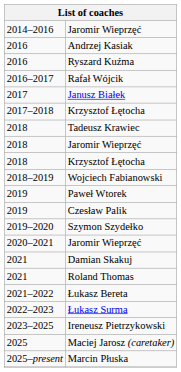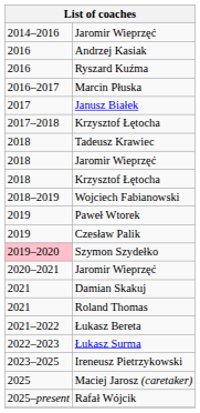 <table class="wikitable mw-collapsible autocollapse">
 <tr>
 <th colspan="2">List of coaches</th>
 </tr>
 <tr>
 <td>2014–2016</td>
 <td> Jaromir Wieprzęć</td>
 </tr>
 <tr>
 <td>2016</td>
 <td> Andrzej Kasiak</td>
 </tr>
 <tr>
 <td>2016</td>
 <td> Ryszard Kuźma</td>
 </tr>
 <tr>
 <td>2016–2017</td>
-<td> Rafał Wójcik</td>
+<td> Marcin Płuska</td>
 </tr>
 <tr>
 <td>2017</td>
 <td> <a href='#'>Janusz Białek</a></td>
 </tr>
 <tr>
 <td>2017–2018</td>
 <td> Krzysztof Łętocha</td>
 </tr>
 <tr>
 <td>2018</td>
 <td> Tadeusz Krawiec</td>
 </tr>
 <tr>
 <td>2018</td>
 <td> Jaromir Wieprzęć</td>
 </tr>
 <tr>
 <td>2018</td>
 <td> Krzysztof Łętocha</td>
 </tr>
 <tr>
 <td>2018–2019</td>
 <td> Wojciech Fabianowski</td>
 </tr>
 <tr>
 <td>2019</td>
 <td> Paweł Wtorek</td>
 </tr>
 <tr>
 <td>2019</td>
 <td> Czesław Palik</td>
 </tr>
 <tr>
-<td>2019–2020</td>
+<td style="background: pink;">2019–2020</td>
 <td> Szymon Szydełko</td>
 </tr>
 <tr>
 <td>2020–2021</td>
 <td> Jaromir Wieprzęć</td>
 </tr>
 <tr>
 <td>2021</td>
 <td> Damian Skakuj</td>
 </tr>
 <tr>
 <td>2021</td>
 <td> Roland Thomas</td>
 </tr>
 <tr>
 <td>2021–2022</td>
 <td> Łukasz Bereta</td>
 </tr>
 <tr>
 <td>2022–2023</td>
 <td> <a href='#'>Łukasz Surma</a></td>
 </tr>
 <tr>
 <td>2023–2025</td>
 <td> Ireneusz Pietrzykowski</td>
 </tr>
 <tr>
 <td>2025</td>
 <td> Maciej Jarosz <em>(caretaker)</em></td>
 </tr>
 <tr>
 <td>2025–<em>present</em></td>
-<td> Marcin Płuska</td>
+<td> Rafał Wójcik</td>
 </tr>
 <tr>
 </tr>
 </table>
